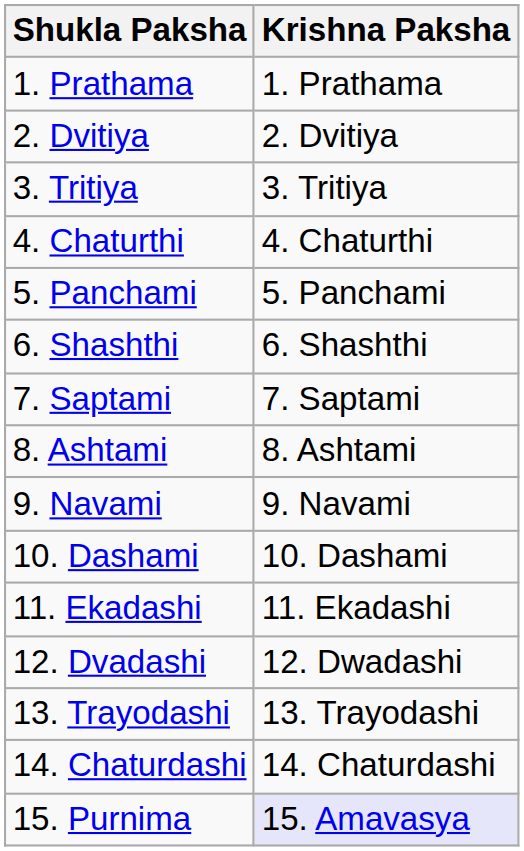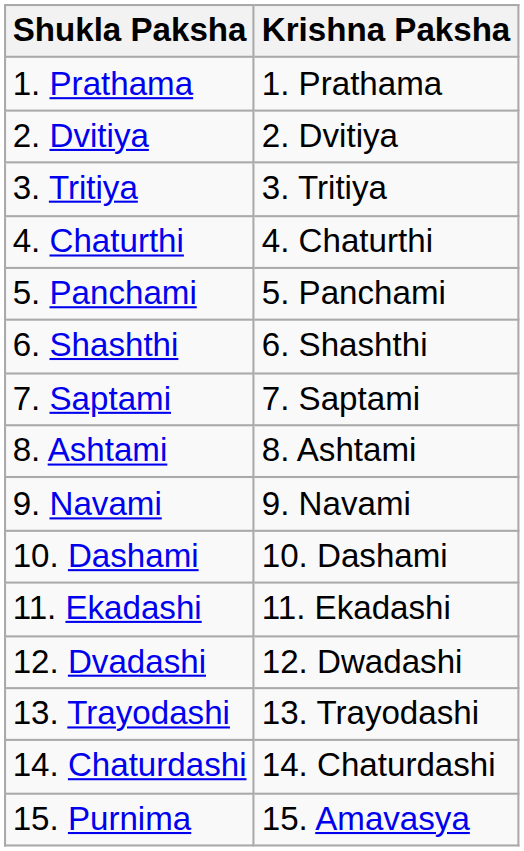 <table class="wikitable">
 <tr>
 <th>Shukla Paksha</th>
 <th>Krishna Paksha</th>
 </tr>
 <tr>
 <td>1. <a href='#'>Prathama</a></td>
 <td>1. Prathama</td>
 </tr>
 <tr>
 <td>2. <a href='#'>Dvitiya</a></td>
 <td>2. Dvitiya</td>
 </tr>
 <tr>
 <td>3. <a href='#'>Tritiya</a></td>
 <td>3. Tritiya</td>
 </tr>
 <tr>
 <td>4. <a href='#'>Chaturthi</a></td>
 <td>4. Chaturthi</td>
 </tr>
 <tr>
 <td>5. <a href='#'>Panchami</a></td>
 <td>5. Panchami</td>
 </tr>
 <tr>
 <td>6. <a href='#'>Shashthi</a></td>
 <td>6. Shashthi</td>
 </tr>
 <tr>
 <td>7. <a href='#'>Saptami</a></td>
 <td>7. Saptami</td>
 </tr>
 <tr>
 <td>8. <a href='#'>Ashtami</a></td>
 <td>8. Ashtami</td>
 </tr>
 <tr>
 <td>9. <a href='#'>Navami</a></td>
 <td>9. Navami</td>
 </tr>
 <tr>
 <td>10. <a href='#'>Dashami</a></td>
 <td>10. Dashami</td>
 </tr>
 <tr>
 <td>11. <a href='#'>Ekadashi</a></td>
 <td>11. Ekadashi</td>
 </tr>
 <tr>
 <td>12. <a href='#'>Dvadashi</a></td>
 <td>12. Dwadashi</td>
 </tr>
 <tr>
 <td>13. <a href='#'>Trayodashi</a></td>
 <td>13. Trayodashi</td>
 </tr>
 <tr>
 <td>14. <a href='#'>Chaturdashi</a></td>
 <td>14. Chaturdashi</td>
 </tr>
 <tr>
 <td>15. <a href='#'>Purnima</a></td>
-<td style="background: lavender;">15. <a href='#'>Amavasya</a></td>
+<td>15. <a href='#'>Amavasya</a></td>
 </tr>
 </table>
